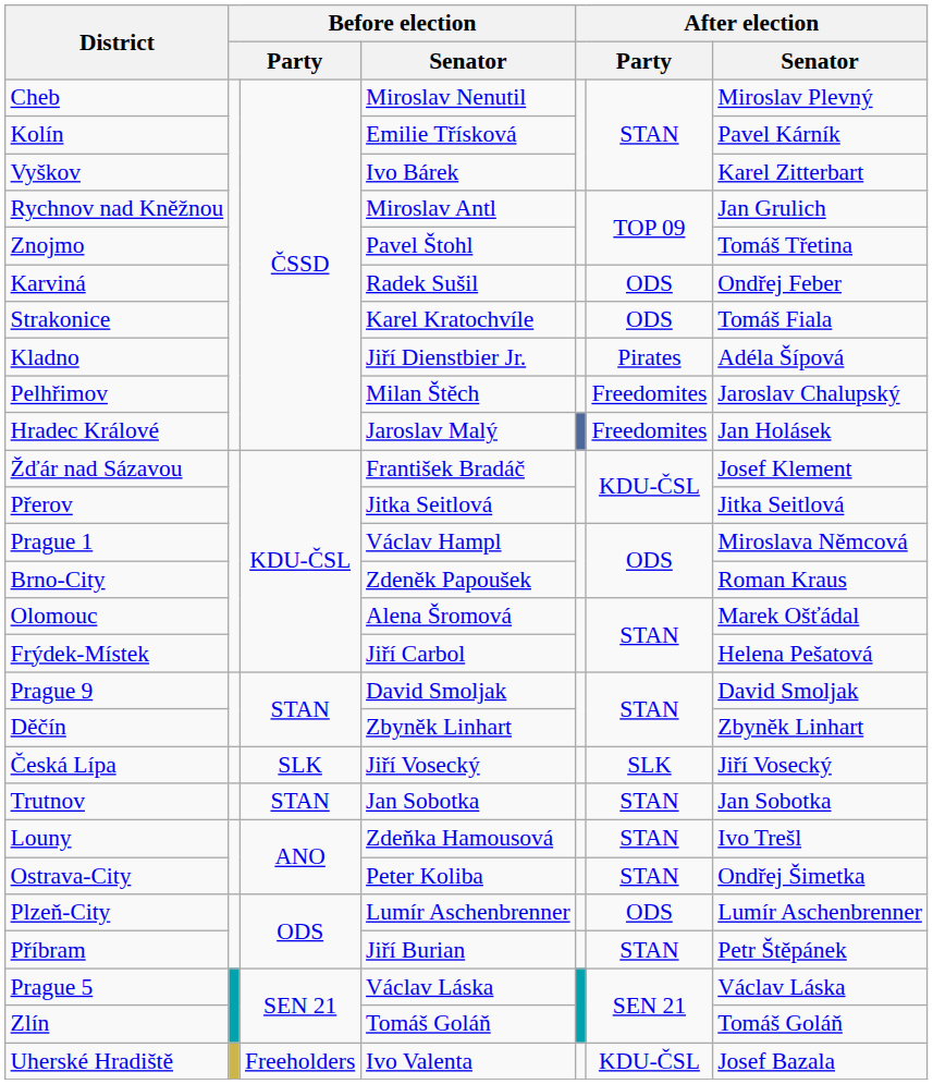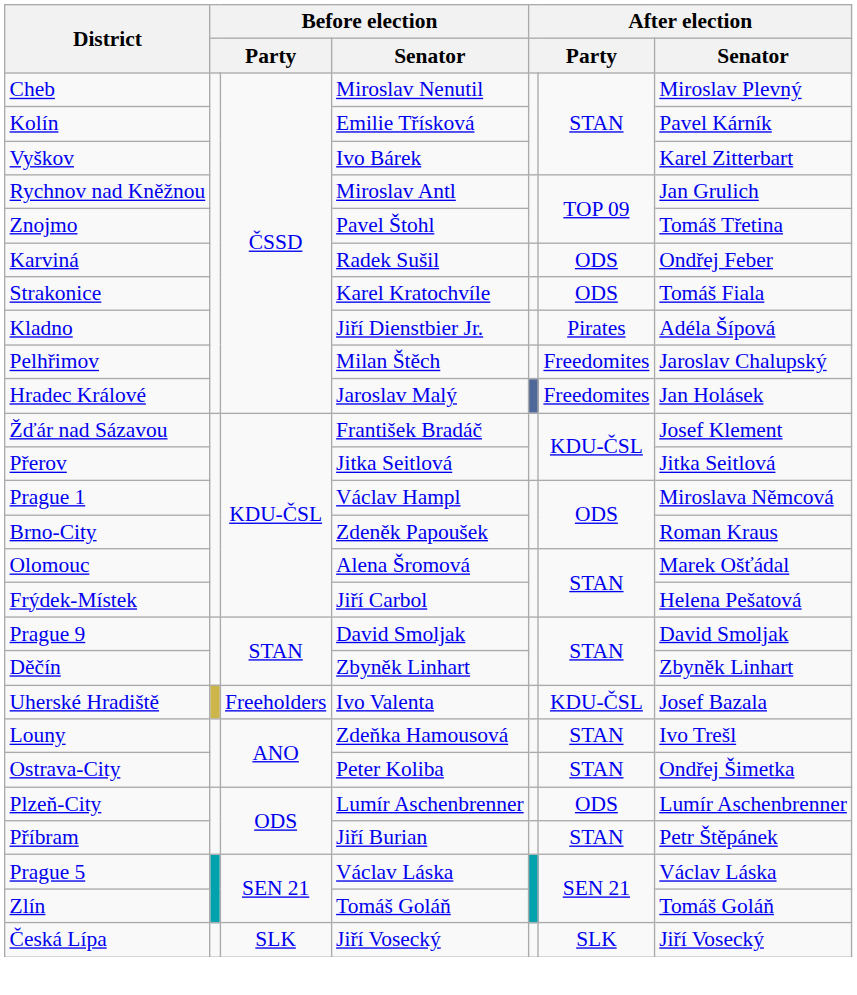 <table class="wikitable sortable" style="text-align:left">
 <tr>
 <th rowspan=2>District</th>
 <th colspan=3 align=center>Before election</th>
 <th colspan=3 align=center>After election</th>
 </tr>
 <tr>
 <th colspan=2 align=center>Party</th>
 <th align=center>Senator</th>
 <th colspan=2 align=center>Party</th>
 <th align=center>Senator</th>
 </tr>
 <tr>
 <td><a href='#'>Cheb</a></td>
 <td rowspan=10 style="background:"></td>
 <td rowspan=10 align=center><a href='#'>ČSSD</a></td>
 <td><a href='#'>Miroslav Nenutil</a></td>
 <td rowspan=3 style="background:"></td>
 <td rowspan=3 align=center><a href='#'>STAN</a></td>
 <td><a href='#'>Miroslav Plevný</a></td>
 </tr>
 <tr>
 <td><a href='#'>Kolín</a></td>
 <td><a href='#'>Emilie Třísková</a></td>
 <td><a href='#'>Pavel Kárník</a></td>
 </tr>
 <tr>
 <td><a href='#'>Vyškov</a></td>
 <td><a href='#'>Ivo Bárek</a></td>
 <td><a href='#'>Karel Zitterbart</a></td>
 </tr>
 <tr>
 <td><a href='#'>Rychnov nad Kněžnou</a></td>
 <td><a href='#'>Miroslav Antl</a></td>
 <td rowspan=2 style="background:"></td>
 <td rowspan=2 align=center><a href='#'>TOP 09</a></td>
 <td><a href='#'>Jan Grulich</a></td>
 </tr>
 <tr>
 <td><a href='#'>Znojmo</a></td>
 <td><a href='#'>Pavel Štohl</a></td>
 <td><a href='#'>Tomáš Třetina</a></td>
 </tr>
 <tr>
 <td><a href='#'>Karviná</a></td>
 <td><a href='#'>Radek Sušil</a></td>
 <td style="background:"></td>
 <td align=center><a href='#'>ODS</a></td>
 <td><a href='#'>Ondřej Feber</a></td>
 </tr>
 <tr>
 <td><a href='#'>Strakonice</a></td>
 <td><a href='#'>Karel Kratochvíle</a></td>
 <td style="background:"></td>
 <td align=center><a href='#'>ODS</a></td>
 <td><a href='#'>Tomáš Fiala</a></td>
 </tr>
 <tr>
 <td><a href='#'>Kladno</a></td>
 <td><a href='#'>Jiří Dienstbier Jr.</a></td>
 <td style="background:"></td>
 <td align=center><a href='#'>Pirates</a></td>
 <td><a href='#'>Adéla Šípová</a></td>
 </tr>
 <tr>
 <td><a href='#'>Pelhřimov</a></td>
 <td><a href='#'>Milan Štěch</a></td>
 <td style="background:"></td>
 <td align=center><a href='#'>Freedomites</a></td>
 <td><a href='#'>Jaroslav Chalupský</a></td>
 </tr>
 <tr>
 <td><a href='#'>Hradec Králové</a></td>
 <td><a href='#'>Jaroslav Malý</a></td>
 <td style="background:#4F689A;"></td>
 <td align=center><a href='#'>Freedomites</a></td>
 <td><a href='#'>Jan Holásek</a></td>
 </tr>
 <tr>
 <td><a href='#'>Žďár nad Sázavou</a></td>
 <td rowspan=6 style="background:"></td>
 <td rowspan=6 align=center><a href='#'>KDU-ČSL</a></td>
 <td><a href='#'>František Bradáč</a></td>
 <td rowspan=2 style="background:"></td>
 <td rowspan=2 align=center><a href='#'>KDU-ČSL</a></td>
 <td><a href='#'>Josef Klement</a></td>
 </tr>
 <tr>
 <td><a href='#'>Přerov</a></td>
 <td><a href='#'>Jitka Seitlová</a></td>
 <td><a href='#'>Jitka Seitlová</a></td>
 </tr>
 <tr>
 <td><a href='#'>Prague 1</a></td>
 <td><a href='#'>Václav Hampl</a></td>
 <td rowspan=2 style="background:"></td>
 <td rowspan=2 align=center><a href='#'>ODS</a></td>
 <td><a href='#'>Miroslava Němcová</a></td>
 </tr>
 <tr>
 <td><a href='#'>Brno-City</a></td>
 <td><a href='#'>Zdeněk Papoušek</a></td>
 <td><a href='#'>Roman Kraus</a></td>
 </tr>
 <tr>
 <td><a href='#'>Olomouc</a></td>
 <td><a href='#'>Alena Šromová</a></td>
 <td rowspan=2 style="background:"></td>
 <td rowspan=2 align=center><a href='#'>STAN</a></td>
 <td><a href='#'>Marek Ošťádal</a></td>
 </tr>
 <tr>
 <td><a href='#'>Frýdek-Místek</a></td>
 <td><a href='#'>Jiří Carbol</a></td>
 <td><a href='#'>Helena Pešatová</a></td>
 </tr>
 <tr>
 <td><a href='#'>Prague 9</a></td>
 <td rowspan=2 style="background:"></td>
 <td rowspan=2 align=center><a href='#'>STAN</a></td>
 <td><a href='#'>David Smoljak</a></td>
 <td rowspan=2 style="background:"></td>
 <td rowspan=2 align=center><a href='#'>STAN</a></td>
 <td><a href='#'>David Smoljak</a></td>
 </tr>
 <tr>
 <td><a href='#'>Děčín</a></td>
 <td><a href='#'>Zbyněk Linhart</a></td>
 <td><a href='#'>Zbyněk Linhart</a></td>
 </tr>
 <tr>
-<td><a href='#'>Česká Lípa</a></td>
-<td bgcolor=></td>
-<td align=center><a href='#'>SLK</a></td>
-<td><a href='#'>Jiří Vosecký</a></td>
-<td bgcolor=></td>
-<td align=center><a href='#'>SLK</a></td>
-<td><a href='#'>Jiří Vosecký</a></td>
-</tr>
-<tr>
-<td><a href='#'>Trutnov</a></td>
-<td bgcolor=></td>
-<td align=center><a href='#'>STAN</a></td>
-<td><a href='#'>Jan Sobotka</a></td>
-<td bgcolor=></td>
-<td align=center><a href='#'>STAN</a></td>
-<td><a href='#'>Jan Sobotka</a></td>
+<td><a href='#'>Uherské Hradiště</a></td>
+<td style="background:#cdb649;"></td>
+<td align=center><a href='#'>Freeholders</a></td>
+<td><a href='#'>Ivo Valenta</a></td>
+<td style="background:"></td>
+<td align=center><a href='#'>KDU-ČSL</a></td>
+<td><a href='#'>Josef Bazala</a></td>
 </tr>
 <tr>
 <td><a href='#'>Louny</a></td>
 <td rowspan=2 style="background:"></td>
 <td rowspan=2 align=center><a href='#'>ANO</a></td>
 <td><a href='#'>Zdeňka Hamousová</a></td>
 <td style="background:"></td>
 <td align=center><a href='#'>STAN</a></td>
 <td><a href='#'>Ivo Trešl</a></td>
 </tr>
 <tr>
 <td><a href='#'>Ostrava-City</a></td>
 <td><a href='#'>Peter Koliba</a></td>
 <td style="background:"></td>
 <td align=center><a href='#'>STAN</a></td>
 <td><a href='#'>Ondřej Šimetka</a></td>
 </tr>
 <tr>
 <td><a href='#'>Plzeň-City</a></td>
 <td rowspan=2 style="background:"></td>
 <td rowspan=2 align=center><a href='#'>ODS</a></td>
 <td><a href='#'>Lumír Aschenbrenner</a></td>
 <td style="background:"></td>
 <td align=center><a href='#'>ODS</a></td>
 <td><a href='#'>Lumír Aschenbrenner</a></td>
 </tr>
 <tr>
 <td><a href='#'>Příbram</a></td>
 <td><a href='#'>Jiří Burian</a></td>
 <td style="background:"></td>
 <td align=center><a href='#'>STAN</a></td>
 <td><a href='#'>Petr Štěpánek</a></td>
 </tr>
 <tr>
 <td><a href='#'>Prague 5</a></td>
 <td rowspan=2 style="background:#00A2AD;"></td>
 <td rowspan=2 align=center><a href='#'>SEN 21</a></td>
 <td><a href='#'>Václav Láska</a></td>
 <td rowspan=2 style="background:#00A2AD;"></td>
 <td rowspan=2 align=center><a href='#'>SEN 21</a></td>
 <td><a href='#'>Václav Láska</a></td>
 </tr>
 <tr>
 <td><a href='#'>Zlín</a></td>
 <td><a href='#'>Tomáš Goláň</a></td>
 <td><a href='#'>Tomáš Goláň</a></td>
 </tr>
 <tr>
-<td><a href='#'>Uherské Hradiště</a></td>
-<td style="background:#cdb649;"></td>
-<td align=center><a href='#'>Freeholders</a></td>
-<td><a href='#'>Ivo Valenta</a></td>
-<td style="background:"></td>
-<td align=center><a href='#'>KDU-ČSL</a></td>
-<td><a href='#'>Josef Bazala</a></td>
+<td><a href='#'>Česká Lípa</a></td>
+<td bgcolor=></td>
+<td align=center><a href='#'>SLK</a></td>
+<td><a href='#'>Jiří Vosecký</a></td>
+<td bgcolor=></td>
+<td align=center><a href='#'>SLK</a></td>
+<td><a href='#'>Jiří Vosecký</a></td>
 </tr>
 <tr>
 </tr>
 </table>
